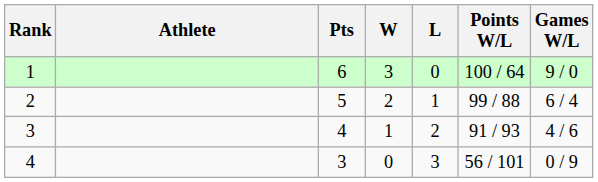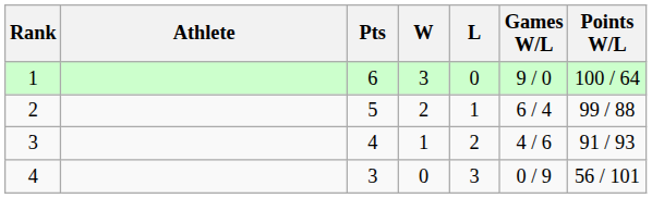 <table class="wikitable" style="text-align: center; font-size:90% ">
 <tr>
 <th width="20">Rank</th>
 <th width="200">Athlete</th>
 <th width="30">Pts</th>
 <th width="30">W</th>
 <th width="30">L</th>
+<th width="40">Games<br>W/L</th>
 <th width="50">Points<br>W/L</th>
-<th width="40">Games<br>W/L</th>
 </tr>
 <tr bgcolor=#ccffcc>
 <td>1</td>
 <td align=left></td>
 <td>6</td>
 <td>3</td>
 <td>0</td>
+<td>9 / 0</td>
 <td>100 / 64</td>
-<td>9 / 0</td>
 </tr>
 <tr>
 <td>2</td>
 <td align=left></td>
 <td>5</td>
 <td>2</td>
 <td>1</td>
+<td>6 / 4</td>
 <td>99 / 88</td>
-<td>6 / 4</td>
 </tr>
 <tr>
 <td>3</td>
 <td align=left></td>
 <td>4</td>
 <td>1</td>
 <td>2</td>
+<td>4 / 6</td>
 <td>91 / 93</td>
-<td>4 / 6</td>
 </tr>
 <tr>
 <td>4</td>
 <td align=left></td>
 <td>3</td>
 <td>0</td>
 <td>3</td>
+<td>0 / 9</td>
 <td>56 / 101</td>
-<td>0 / 9</td>
 </tr>
 </table>
